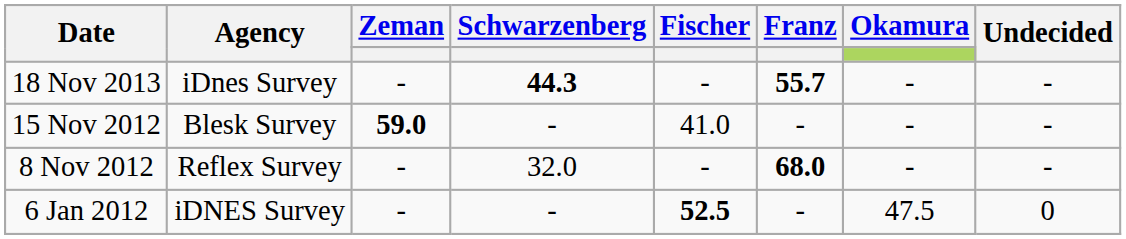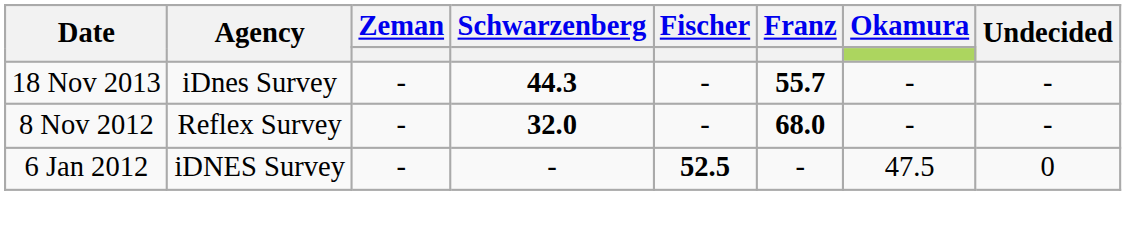 <table class="wikitable" style=text-align:center;font-size:85%;line-height:14px;">
 <tr>
 <th rowspan=2>Date</th>
 <th rowspan=2>Agency</th>
 <th><a href='#'>Zeman</a></th>
 <th><a href='#'>Schwarzenberg</a></th>
 <th><a href='#'>Fischer</a></th>
 <th><a href='#'>Franz</a></th>
 <th><a href='#'>Okamura</a></th>
 <th rowspan=2>Undecided</th>
 </tr>
 <tr>
 <th style="background:"></th>
 <th style="background:"></th>
 <th style="background:"></th>
 <th style="background:"></th>
 <th style="background:#ACD55F; width:40px;"></th>
 </tr>
 <tr>
 <td>18 Nov 2013</td>
 <td>iDnes Survey</td>
 <td>-</td>
 <td><strong>44.3</strong></td>
 <td>-</td>
 <td><strong>55.7</strong></td>
 <td>-</td>
 <td>-</td>
 </tr>
 <tr>
-<td>15 Nov 2012</td>
-<td>Blesk Survey</td>
-<td><strong>59.0</strong></td>
-<td>-</td>
-<td>41.0</td>
-<td>-</td>
-<td>-</td>
-<td>-</td>
-</tr>
-<tr>
 <td>8 Nov 2012</td>
 <td>Reflex Survey</td>
 <td>-</td>
-<td>32.0</td>
+<td><strong>32.0</strong></td>
 <td>-</td>
 <td><strong>68.0</strong></td>
 <td>-</td>
 <td>-</td>
 </tr>
 <tr>
 <td>6 Jan 2012</td>
 <td>iDNES Survey</td>
 <td>-</td>
 <td>-</td>
 <td><strong>52.5</strong></td>
 <td>-</td>
 <td>47.5</td>
 <td>0</td>
 </tr>
 </table>
